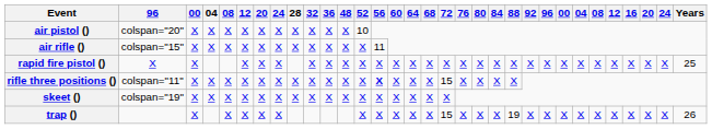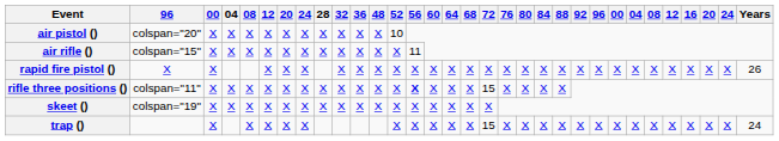 <table class="wikitable plainrowheaders sticky-header" style="text-align:center;">
 <tr>
 <th scope="col">Event</th>
 <th scope="col"><a href='#'>96</a></th>
 <th scope="col"><a href='#'>00</a></th>
 <th scope="col">04</th>
 <th scope="col"><a href='#'>08</a></th>
 <th scope="col"><a href='#'>12</a></th>
 <th scope="col"><a href='#'>20</a></th>
 <th scope="col"><a href='#'>24</a></th>
 <th scope="col">28</th>
 <th scope="col"><a href='#'>32</a></th>
 <th scope="col"><a href='#'>36</a></th>
 <th scope="col"><a href='#'>48</a></th>
 <th scope="col"><a href='#'>52</a></th>
 <th scope="col"><a href='#'>56</a></th>
 <th scope="col"><a href='#'>60</a></th>
 <th scope="col"><a href='#'>64</a></th>
 <th scope="col"><a href='#'>68</a></th>
 <th scope="col"><a href='#'>72</a></th>
 <th scope="col"><a href='#'>76</a></th>
 <th scope="col"><a href='#'>80</a></th>
 <th scope="col"><a href='#'>84</a></th>
 <th scope="col"><a href='#'>88</a></th>
 <th scope="col"><a href='#'>92</a></th>
 <th scope="col"><a href='#'>96</a></th>
 <th scope="col"><a href='#'>00</a></th>
 <th scope="col"><a href='#'>04</a></th>
 <th scope="col"><a href='#'>08</a></th>
 <th scope="col"><a href='#'>12</a></th>
 <th scope="col"><a href='#'>16</a></th>
 <th scope="col"><a href='#'>20</a></th>
 <th scope="col"><a href='#'>24</a></th>
 <th scope="col">Years</th>
 </tr>
 <tr>
 <th scope="row"><a href='#'>air pistol</a> ()</th>
 <td>colspan="20"</td>
 <td><a href='#'>X</a></td>
 <td><a href='#'>X</a></td>
 <td><a href='#'>X</a></td>
 <td><a href='#'>X</a></td>
 <td><a href='#'>X</a></td>
 <td><a href='#'>X</a></td>
 <td><a href='#'>X</a></td>
 <td><a href='#'>X</a></td>
 <td><a href='#'>X</a></td>
 <td><a href='#'>X</a></td>
 <td>10</td>
 </tr>
 <tr>
 <th scope="row"><a href='#'>air rifle</a> ()</th>
 <td>colspan="15"</td>
 <td><a href='#'>X</a></td>
 <td><a href='#'>X</a></td>
 <td><a href='#'>X</a></td>
 <td><a href='#'>X</a></td>
 <td><a href='#'>X</a></td>
 <td><a href='#'>X</a></td>
 <td><a href='#'>X</a></td>
 <td><a href='#'>X</a></td>
 <td><a href='#'>X</a></td>
 <td><a href='#'>X</a></td>
 <td><a href='#'>X</a></td>
 <td>11</td>
 </tr>
 <tr>
 <th scope="row"><a href='#'>rapid fire pistol</a> ()</th>
 <td><a href='#'>X</a></td>
 <td><a href='#'>X</a></td>
 <td></td>
 <td></td>
 <td><a href='#'>X</a></td>
 <td><a href='#'>X</a></td>
 <td><a href='#'>X</a></td>
 <td></td>
 <td><a href='#'>X</a></td>
 <td><a href='#'>X</a></td>
 <td><a href='#'>X</a></td>
 <td><a href='#'>X</a></td>
 <td><a href='#'>X</a></td>
 <td><a href='#'>X</a></td>
 <td><a href='#'>X</a></td>
 <td><a href='#'>X</a></td>
 <td><a href='#'>X</a></td>
 <td><a href='#'>X</a></td>
 <td><a href='#'>X</a></td>
 <td><a href='#'>X</a></td>
 <td><a href='#'>X</a></td>
 <td><a href='#'>X</a></td>
 <td><a href='#'>X</a></td>
 <td><a href='#'>X</a></td>
 <td><a href='#'>X</a></td>
 <td><a href='#'>X</a></td>
 <td><a href='#'>X</a></td>
 <td><a href='#'>X</a></td>
 <td><a href='#'>X</a></td>
 <td><a href='#'>X</a></td>
-<td>25</td>
+<td>26</td>
 </tr>
 <tr>
 <th scope="row"><a href='#'>rifle three positions</a> ()</th>
 <td>colspan="11"</td>
 <td><a href='#'>X</a></td>
 <td><a href='#'>X</a></td>
 <td><a href='#'>X</a></td>
 <td><a href='#'>X</a></td>
 <td><a href='#'>X</a></td>
 <td><a href='#'>X</a></td>
 <td><a href='#'>X</a></td>
 <td><a href='#'>X</a></td>
 <td><a href='#'>X</a></td>
 <td><a href='#'>X</a></td>
 <td><a href='#'>X</a></td>
 <td><strong><a href='#'>X</a></strong></td>
 <td><a href='#'>X</a></td>
 <td><a href='#'>X</a></td>
 <td><a href='#'>X</a></td>
 <td>15</td>
 <td><a href='#'>X</a></td>
 <td><a href='#'>X</a></td>
 <td><a href='#'>X</a></td>
 <td><a href='#'>X</a></td>
 </tr>
 <tr>
 <th scope="row"><a href='#'>skeet</a> ()</th>
 <td>colspan="19"</td>
 <td><a href='#'>X</a></td>
 <td><a href='#'>X</a></td>
 <td><a href='#'>X</a></td>
 <td><a href='#'>X</a></td>
 <td><a href='#'>X</a></td>
 <td><a href='#'>X</a></td>
 <td><a href='#'>X</a></td>
 <td><a href='#'>X</a></td>
 <td><a href='#'>X</a></td>
 <td><a href='#'>X</a></td>
 <td><a href='#'>X</a></td>
 <td><a href='#'>X</a></td>
 <td><a href='#'>X</a></td>
 <td><a href='#'>X</a></td>
 <td><a href='#'>X</a></td>
 <td><a href='#'>X</a></td>
 </tr>
 <tr>
 <th scope="row"><a href='#'>trap</a> ()</th>
 <td></td>
 <td><a href='#'>X</a></td>
 <td></td>
 <td><a href='#'>X</a></td>
 <td><a href='#'>X</a></td>
 <td><a href='#'>X</a></td>
 <td><a href='#'>X</a></td>
 <td></td>
 <td></td>
 <td></td>
 <td></td>
 <td><a href='#'>X</a></td>
 <td><a href='#'>X</a></td>
 <td><a href='#'>X</a></td>
 <td><a href='#'>X</a></td>
 <td><a href='#'>X</a></td>
 <td>15</td>
 <td><a href='#'>X</a></td>
 <td><a href='#'>X</a></td>
 <td><a href='#'>X</a></td>
-<td>19</td>
 <td><a href='#'>X</a></td>
 <td><a href='#'>X</a></td>
 <td><a href='#'>X</a></td>
 <td><a href='#'>X</a></td>
 <td><a href='#'>X</a></td>
 <td><a href='#'>X</a></td>
 <td><a href='#'>X</a></td>
 <td><a href='#'>X</a></td>
 <td><a href='#'>X</a></td>
-<td>26</td>
+<td><a href='#'>X</a></td>
+<td>24</td>
 </tr>
 </table>
